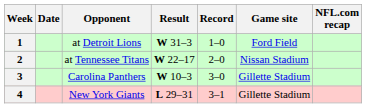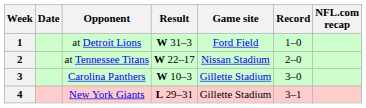 <table class="wikitable" style="text-align:center">
 <tr>
 <th>Week</th>
 <th>Date</th>
 <th>Opponent</th>
 <th>Result</th>
+<th>Game site</th>
 <th>Record</th>
-<th>Game site</th>
 <th>NFL.com<br>recap</th>
 </tr>
 <tr style="background:#cfc">
 <th>1</th>
 <td></td>
 <td>at <a href='#'>Detroit Lions</a></td>
 <td><strong>W</strong> 31–3</td>
+<td><a href='#'>Ford Field</a></td>
 <td>1–0</td>
-<td><a href='#'>Ford Field</a></td>
 <td></td>
 </tr>
 <tr style="background:#cfc">
 <th>2</th>
 <td></td>
 <td>at <a href='#'>Tennessee Titans</a></td>
 <td><strong>W</strong> 22–17</td>
+<td><a href='#'>Nissan Stadium</a></td>
 <td>2–0</td>
-<td><a href='#'>Nissan Stadium</a></td>
 <td></td>
 </tr>
 <tr style="background:#cfc">
 <th>3</th>
 <td></td>
 <td><a href='#'>Carolina Panthers</a></td>
 <td><strong>W</strong> 10–3</td>
+<td><a href='#'>Gillette Stadium</a></td>
 <td>3–0</td>
-<td><a href='#'>Gillette Stadium</a></td>
 <td></td>
 </tr>
 <tr style="background:#fcc">
 <th>4</th>
 <td></td>
 <td><a href='#'>New York Giants</a></td>
 <td><strong>L</strong> 29–31</td>
+<td>Gillette Stadium</td>
 <td>3–1</td>
-<td>Gillette Stadium</td>
 <td></td>
 </tr>
 </table>
